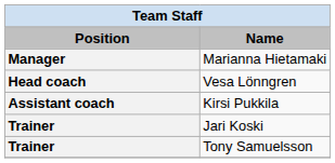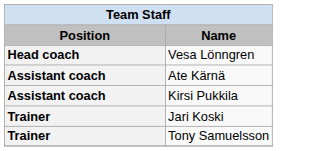 <table class="wikitable" style="text-align:left; font-size:90%;">
 <tr>
 <th style=background:#CEE0F2 colspan=2>Team Staff</th>
 </tr>
 <tr>
 <th width=60% style="background:silver;">Position</th>
 <th style="background:silver;">Name</th>
 </tr>
 <tr>
-<th style="text-align:left;">Manager</th>
-<td>Marianna Hietamaki</td>
+<th style="text-align:left;">Head coach</th>
+<td>Vesa Lönngren</td>
 </tr>
 <tr>
-<th style="text-align:left;">Head coach</th>
-<td>Vesa Lönngren</td>
+<th style="text-align:left;">Assistant coach</th>
+<td>Ate Kärnä</td>
 </tr>
 <tr>
 <th style="text-align:left;">Assistant coach</th>
 <td>Kirsi Pukkila</td>
 </tr>
 <tr>
 <th style="text-align:left;">Trainer</th>
 <td>Jari Koski</td>
 </tr>
 <tr>
 <th style="text-align:left;">Trainer</th>
 <td>Tony Samuelsson</td>
 </tr>
 <tr>
 </tr>
 </table>
